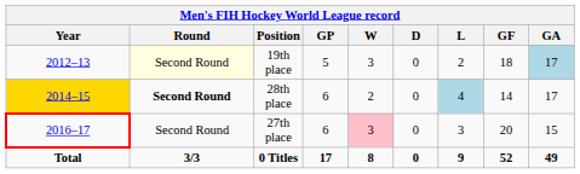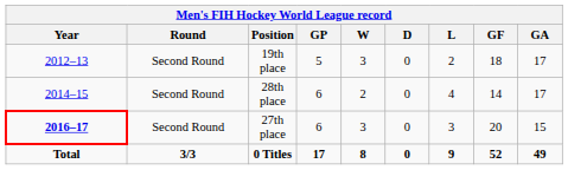 <table class="wikitable" style="text-align: center;">
 <tr>
 <th colspan=9><a href='#'>Men's FIH Hockey World League record</a></th>
 </tr>
 <tr>
 <th width=150>Year</th>
 <th width=150>Round</th>
 <th width=50>Position</th>
 <th width=50>GP</th>
 <th width=50>W</th>
 <th width=50>D</th>
 <th width=50>L</th>
 <th width=50>GF</th>
 <th width=50>GA</th>
 </tr>
 <tr>
 <td> <a href='#'>2012–13</a></td>
-<td style="background: lightyellow;">Second Round</td>
+<td>Second Round</td>
 <td>19th place</td>
 <td>5</td>
 <td>3</td>
 <td>0</td>
 <td>2</td>
 <td>18</td>
-<td style="background: lightblue;">17</td>
+<td>17</td>
 </tr>
 <tr>
-<td style="background: gold;"> <a href='#'>2014–15</a></td>
-<td><strong>Second Round</strong></td>
+<td> <a href='#'>2014–15</a></td>
+<td>Second Round</td>
 <td>28th place</td>
 <td>6</td>
 <td>2</td>
 <td>0</td>
-<td style="background: lightblue;">4</td>
+<td>4</td>
 <td>14</td>
 <td>17</td>
 </tr>
 <tr>
-<td style="border: 3px solid red"> <a href='#'>2016–17</a></td>
+<td style="border: 3px solid red"><strong> <a href='#'>2016–17</a></strong></td>
 <td>Second Round</td>
 <td>27th place</td>
 <td>6</td>
-<td style="background: pink;">3</td>
+<td>3</td>
 <td>0</td>
 <td>3</td>
 <td>20</td>
 <td>15</td>
 </tr>
 <tr>
 <td><strong>Total</strong></td>
 <td><strong>3/3</strong></td>
 <td><strong>0 Titles</strong></td>
 <td><strong>17</strong></td>
 <td><strong>8</strong></td>
 <td><strong>0</strong></td>
 <td><strong>9</strong></td>
 <td><strong>52</strong></td>
 <td><strong>49</strong></td>
 </tr>
 </table>
